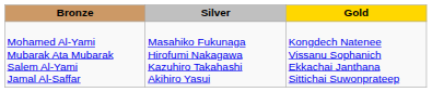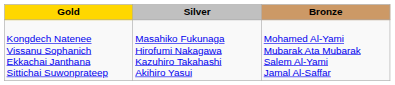 <table class="wikitable" style="text-align:left">
 <tr align="center">
+<td width=200 bgcolor=gold><strong>Gold</strong></td>
+<td width=200 bgcolor=silver><strong>Silver</strong></td>
 <td width=200 bgcolor=CC9966><strong>Bronze</strong></td>
-<td width=200 bgcolor=silver><strong>Silver</strong></td>
-<td width=200 bgcolor=gold><strong>Gold</strong></td>
 </tr>
 <tr>
+<td valign=top><em></em><br><a href='#'>Kongdech Natenee</a><br><a href='#'>Vissanu Sophanich</a><br><a href='#'>Ekkachai Janthana</a><br><a href='#'>Sittichai Suwonprateep</a></td>
+<td valign=top><em></em><br><a href='#'>Masahiko Fukunaga</a><br><a href='#'>Hirofumi Nakagawa</a><br><a href='#'>Kazuhiro Takahashi</a><br><a href='#'>Akihiro Yasui</a></td>
 <td valign=top><em></em><br><a href='#'>Mohamed Al-Yami</a><br><a href='#'>Mubarak Ata Mubarak</a><br><a href='#'>Salem Al-Yami</a><br><a href='#'>Jamal Al-Saffar</a></td>
-<td valign=top><em></em><br><a href='#'>Masahiko Fukunaga</a><br><a href='#'>Hirofumi Nakagawa</a><br><a href='#'>Kazuhiro Takahashi</a><br><a href='#'>Akihiro Yasui</a></td>
-<td valign=top><em></em><br><a href='#'>Kongdech Natenee</a><br><a href='#'>Vissanu Sophanich</a><br><a href='#'>Ekkachai Janthana</a><br><a href='#'>Sittichai Suwonprateep</a></td>
 </tr>
 </table>
